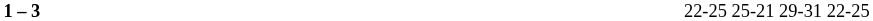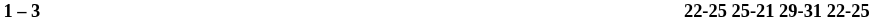 <table width=100% cellspacing=1>
 <tr>
 <th width=20%></th>
 <th width=12%></th>
 <th width=20%></th>
 <th width=33%></th>
 <td></td>
 </tr>
 <tr style=font-size:90%>
 <td align=right></td>
 <td align=center><strong>1 – 3</strong></td>
 <td><strong></strong></td>
-<td>22-25 25-21 29-31 22-25</td>
+<td><strong>22-25 25-21 29-31 22-25</strong></td>
 </tr>
 </table>
